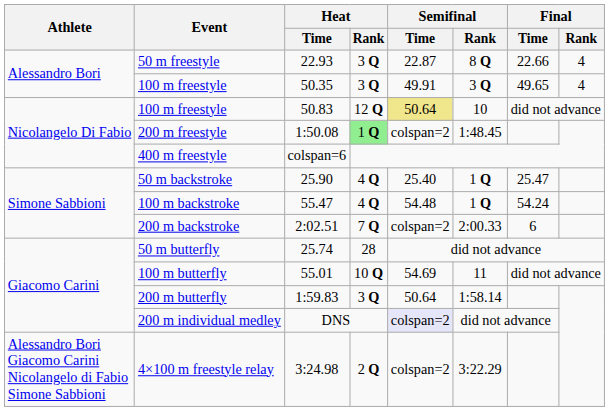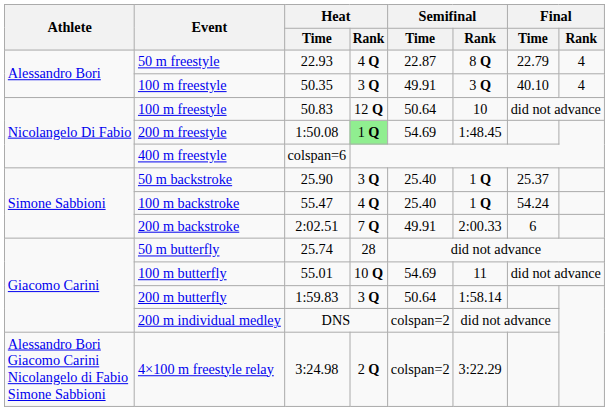 <table class=wikitable style="font-size:90%">
 <tr>
 <th rowspan=2>Athlete</th>
 <th rowspan=2>Event</th>
 <th colspan="2">Heat</th>
 <th colspan="2">Semifinal</th>
 <th colspan="2">Final</th>
 </tr>
 <tr style="font-size:95%">
 <th>Time</th>
 <th>Rank</th>
 <th>Time</th>
 <th>Rank</th>
 <th>Time</th>
 <th>Rank</th>
 </tr>
 <tr align=center>
 <td align=left rowspan=2><a href='#'>Alessandro Bori</a></td>
 <td align=left><a href='#'>50 m freestyle</a></td>
 <td>22.93</td>
-<td>3 <strong>Q</strong></td>
+<td>4 <strong>Q</strong></td>
 <td>22.87</td>
 <td>8 <strong>Q</strong></td>
-<td>22.66</td>
+<td>22.79</td>
 <td>4</td>
 </tr>
 <tr align=center>
 <td align=left><a href='#'>100 m freestyle</a></td>
 <td>50.35</td>
 <td>3 <strong>Q</strong></td>
 <td>49.91</td>
 <td>3 <strong>Q</strong></td>
-<td>49.65</td>
+<td>40.10</td>
 <td>4</td>
 </tr>
 <tr align=center>
 <td align=left rowspan=3><a href='#'>Nicolangelo Di Fabio</a></td>
 <td align=left><a href='#'>100 m freestyle</a></td>
 <td>50.83</td>
 <td>12 <strong>Q</strong></td>
-<td style="background: khaki;">50.64</td>
+<td>50.64</td>
 <td>10</td>
 <td colspan=2>did not advance</td>
 </tr>
 <tr align=center>
 <td align=left><a href='#'>200 m freestyle</a></td>
 <td>1:50.08</td>
 <td style="background: lightgreen;">1 <strong>Q</strong></td>
-<td>colspan=2 </td>
+<td>54.69</td>
 <td>1:48.45</td>
 <td></td>
 </tr>
 <tr align=center>
 <td align=left><a href='#'>400 m freestyle</a></td>
 <td>colspan=6 </td>
 </tr>
 <tr align=center>
 <td align=left rowspan=3><a href='#'>Simone Sabbioni</a></td>
 <td align=left><a href='#'>50 m backstroke</a></td>
 <td>25.90</td>
-<td>4 <strong>Q</strong></td>
+<td>3 <strong>Q</strong></td>
 <td>25.40</td>
 <td>1 <strong>Q</strong></td>
-<td>25.47</td>
+<td>25.37</td>
 <td></td>
 </tr>
 <tr align=center>
 <td align=left><a href='#'>100 m backstroke</a></td>
 <td>55.47</td>
 <td>4 <strong>Q</strong></td>
-<td>54.48</td>
+<td>25.40</td>
 <td>1 <strong>Q</strong></td>
 <td>54.24</td>
 <td></td>
 </tr>
 <tr align=center>
 <td align=left><a href='#'>200 m backstroke</a></td>
 <td>2:02.51</td>
 <td>7 <strong>Q</strong></td>
-<td>colspan=2 </td>
+<td>49.91</td>
 <td>2:00.33</td>
 <td>6</td>
 </tr>
 <tr align=center>
 <td align=left rowspan=4><a href='#'>Giacomo Carini</a></td>
 <td align=left><a href='#'>50 m butterfly</a></td>
 <td>25.74</td>
 <td>28</td>
 <td colspan=4>did not advance</td>
 </tr>
 <tr align=center>
 <td align=left><a href='#'>100 m butterfly</a></td>
 <td>55.01</td>
 <td>10 <strong>Q</strong></td>
 <td>54.69</td>
 <td>11</td>
 <td colspan=2>did not advance</td>
 </tr>
 <tr align=center>
 <td align=left><a href='#'>200 m butterfly</a></td>
 <td>1:59.83</td>
 <td>3 <strong>Q</strong></td>
 <td>50.64</td>
 <td>1:58.14</td>
 <td></td>
 </tr>
 <tr align=center>
 <td align=left><a href='#'>200 m individual medley</a></td>
 <td colspan=2>DNS</td>
-<td style="background: lavender;">colspan=2 </td>
+<td>colspan=2 </td>
 <td colspan=2>did not advance</td>
 </tr>
 <tr align=center>
 <td align=left><a href='#'>Alessandro Bori</a><br><a href='#'>Giacomo Carini</a><br><a href='#'>Nicolangelo di Fabio</a><br><a href='#'>Simone Sabbioni</a></td>
 <td align=left><a href='#'>4×100 m freestyle relay</a></td>
 <td>3:24.98</td>
 <td>2 <strong>Q</strong></td>
 <td>colspan=2 </td>
 <td>3:22.29</td>
 <td></td>
 </tr>
 </table>
